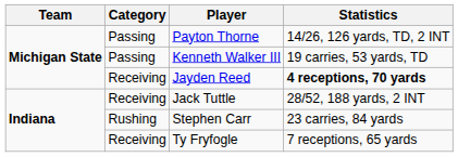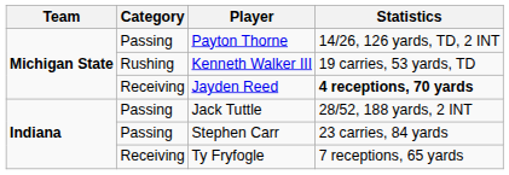 <table class="wikitable" style="float: right;">
 <tr>
 <th>Team</th>
 <th>Category</th>
 <th>Player</th>
 <th>Statistics</th>
 </tr>
 <tr>
 <td rowspan=3><strong>Michigan State</strong></td>
 <td>Passing</td>
 <td><a href='#'>Payton Thorne</a></td>
 <td>14/26, 126 yards, TD, 2 INT</td>
 </tr>
 <tr>
-<td>Passing</td>
+<td>Rushing</td>
 <td><a href='#'>Kenneth Walker III</a></td>
 <td>19 carries, 53 yards, TD</td>
 </tr>
 <tr>
 <td>Receiving</td>
 <td><a href='#'>Jayden Reed</a></td>
 <td><strong>4 receptions, 70 yards</strong></td>
 </tr>
 <tr>
 <td rowspan=3><strong>Indiana</strong></td>
-<td>Receiving</td>
+<td>Passing</td>
 <td>Jack Tuttle</td>
 <td>28/52, 188 yards, 2 INT</td>
 </tr>
 <tr>
-<td>Rushing</td>
+<td>Passing</td>
 <td>Stephen Carr</td>
 <td>23 carries, 84 yards</td>
 </tr>
 <tr>
 <td>Receiving</td>
 <td>Ty Fryfogle</td>
 <td>7 receptions, 65 yards</td>
 </tr>
 </table>
